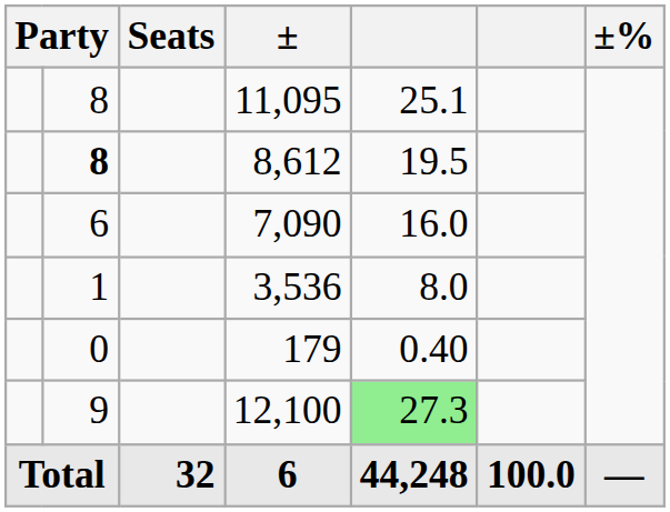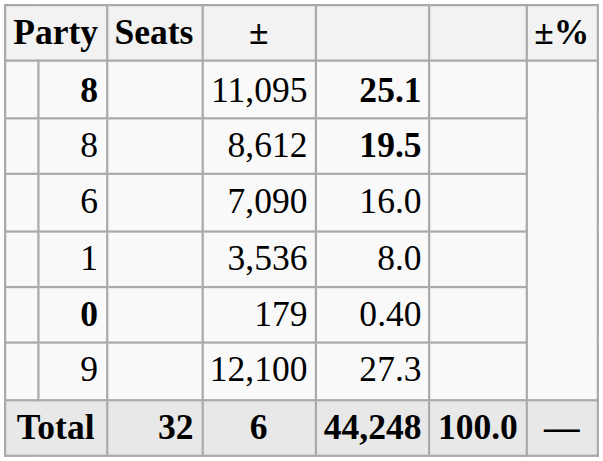 <table class=wikitable>
 <tr>
 <th colspan=2 align=center>Party</th>
 <th>Seats</th>
 <th>±</th>
 <th></th>
 <th></th>
 <th>±%</th>
 </tr>
 <tr>
 <td></td>
-<td align=right>8</td>
+<td align=right><strong>8</strong></td>
 <td align=right></td>
 <td align=right>11,095</td>
-<td align=right>25.1</td>
+<td align=right><strong>25.1</strong></td>
 <td align=right></td>
 </tr>
 <tr>
 <td></td>
-<td align=right><strong>8</strong></td>
+<td align=right>8</td>
 <td align=right></td>
 <td align=right>8,612</td>
-<td align=right>19.5</td>
+<td align=right><strong>19.5</strong></td>
 <td align=right></td>
 </tr>
 <tr>
 <td></td>
 <td align=right>6</td>
 <td align=right></td>
 <td align=right>7,090</td>
 <td align=right>16.0</td>
 <td align=right></td>
 </tr>
 <tr>
 <td></td>
 <td align=right>1</td>
 <td align=right></td>
 <td align=right>3,536</td>
 <td align=right>8.0</td>
 <td align=right></td>
 </tr>
 <tr>
 <td></td>
-<td align=right>0</td>
+<td align=right><strong>0</strong></td>
 <td align=right></td>
 <td align=right>179</td>
 <td align=right>0.40</td>
 <td align=right></td>
 </tr>
 <tr>
 <td></td>
 <td align=right>9</td>
 <td align=right></td>
 <td align=right>12,100</td>
-<td align=right style="background: lightgreen;">27.3</td>
+<td align=right>27.3</td>
 <td align=right></td>
 </tr>
 <tr style="font-weight:bold; background:rgb(232,232,232);">
 <td colspan=2 align=center>Total</td>
 <td align=right>32</td>
 <td align=center>6</td>
 <td align=right>44,248</td>
 <td align=center>100.0</td>
 <td align=center>—</td>
 </tr>
 </table>
